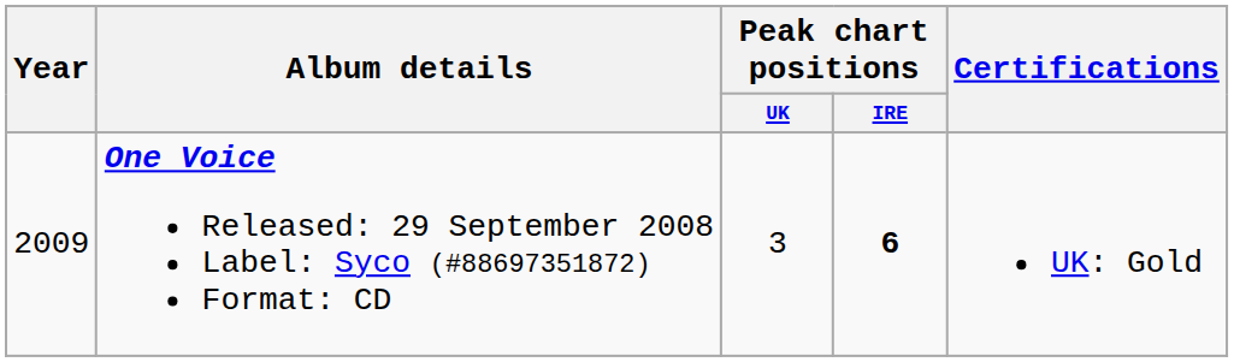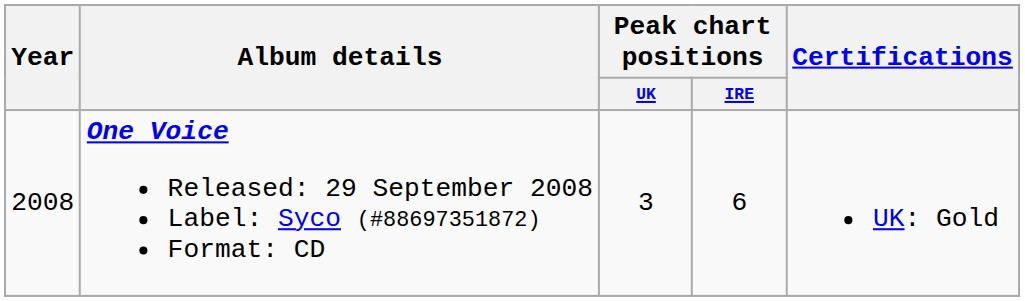 <table class="wikitable">
 <tr>
 <th rowspan="2">Year</th>
 <th rowspan="2">Album details</th>
 <th colspan="2">Peak chart positions</th>
 <th rowspan="2"><a href='#'>Certifications</a></th>
 </tr>
 <tr>
 <th style="width:3em; font-size:75%;"><small><a href='#'>UK</a><br></small></th>
 <th style="width:3em; font-size:75%;"><small><a href='#'>IRE</a><br></small></th>
 </tr>
 <tr>
-<td>2009</td>
+<td>2008</td>
 <td><strong><em><a href='#'>One Voice</a></em></strong><br><ul><li>Released: 29 September 2008</li><li>Label: <a href='#'>Syco</a> <small>(#88697351872)</small></li><li>Format: CD</li></ul></td>
 <td style="text-align:center; width:40px;">3</td>
-<td style="text-align:center; width:40px;"><strong>6</strong></td>
+<td style="text-align:center; width:40px;">6</td>
 <td><br><ul><li><a href='#'>UK</a>: Gold</li></ul></td>
 </tr>
 </table>
